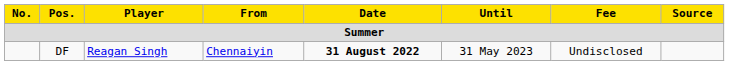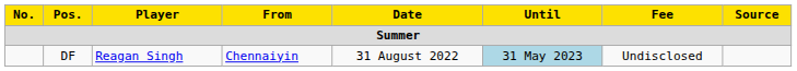 <table class="wikitable" style="text-align:center; font-size:90%; width:60%;">
 <tr>
 <th style="background:#FDE100; color:#000000; text-align:center;">No.</th>
 <th style="background:#FDE100; color:#000000; text-align:center;">Pos.</th>
 <th style="background:#FDE100; color:#000000; text-align:center;">Player</th>
 <th style="background:#FDE100; color:#000000; text-align:center;">From</th>
 <th style="background:#FDE100; color:#000000; text-align:center;">Date</th>
 <th style="background:#FDE100; color:#000000; text-align:center;">Until</th>
 <th style="background:#FDE100; color:#000000; text-align:center;">Fee</th>
 <th style="background:#FDE100; color:#000000; text-align:center;">Source</th>
 </tr>
 <tr>
 <th colspan=8 style=background:#dcdcdc>Summer</th>
 </tr>
 <tr>
 <td></td>
 <td>DF</td>
 <td align="left"> <a href='#'>Reagan Singh</a></td>
 <td align="left"> <a href='#'>Chennaiyin</a></td>
-<td><strong>31 August 2022</strong></td>
-<td>31 May 2023</td>
+<td>31 August 2022</td>
+<td style="background: lightblue;">31 May 2023</td>
 <td>Undisclosed</td>
 <td></td>
 </tr>
 </table>
